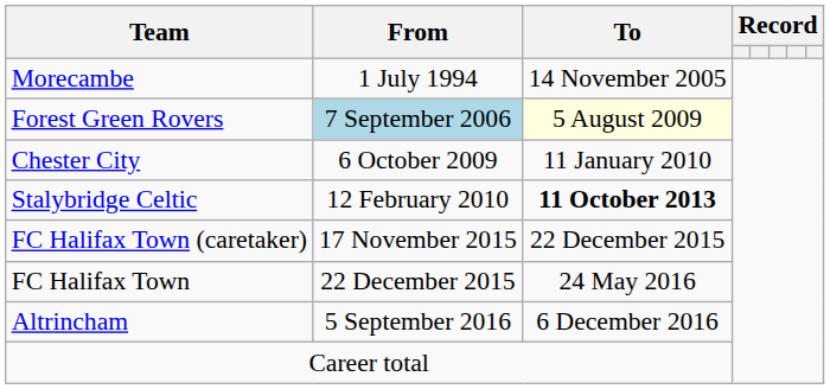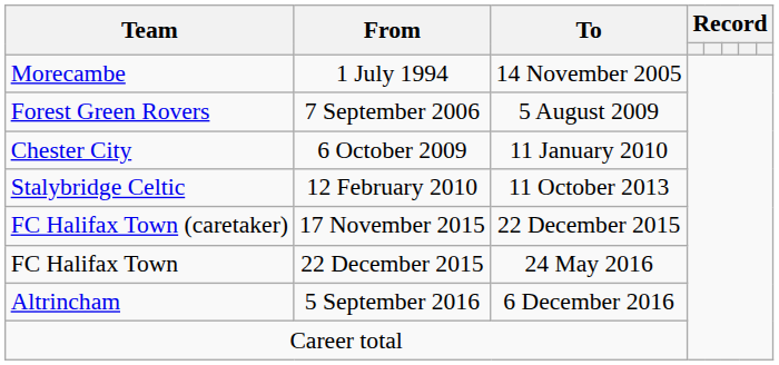 <table class="wikitable" style="text-align: center">
 <tr>
 <th rowspan="2">Team</th>
 <th rowspan="2">From</th>
 <th rowspan="2">To</th>
 <th colspan="8">Record</th>
 </tr>
 <tr>
 <th></th>
 <th></th>
 <th></th>
 <th></th>
 <th></th>
 </tr>
 <tr>
 <td align="left"><a href='#'>Morecambe</a></td>
 <td>1 July 1994</td>
 <td>14 November 2005<br></td>
 </tr>
 <tr>
 <td align="left"><a href='#'>Forest Green Rovers</a></td>
-<td style="background: lightblue;">7 September 2006</td>
-<td style="background: lightyellow;">5 August 2009<br></td>
+<td>7 September 2006</td>
+<td>5 August 2009<br></td>
 </tr>
 <tr>
 <td align="left"><a href='#'>Chester City</a></td>
 <td>6 October 2009</td>
 <td>11 January 2010<br></td>
 </tr>
 <tr>
 <td align="left"><a href='#'>Stalybridge Celtic</a></td>
 <td>12 February 2010</td>
-<td><strong>11 October 2013<br></strong></td>
+<td>11 October 2013<br></td>
 </tr>
 <tr>
 <td align="left"><a href='#'>FC Halifax Town</a> (caretaker)</td>
 <td>17 November 2015</td>
 <td>22 December 2015<br></td>
 </tr>
 <tr>
 <td align="left">FC Halifax Town</td>
 <td>22 December 2015</td>
 <td>24 May 2016<br></td>
 </tr>
 <tr>
 <td align="left"><a href='#'>Altrincham</a></td>
 <td>5 September 2016</td>
 <td>6 December 2016<br></td>
 </tr>
 <tr>
 <td colspan=3>Career total<br></td>
 </tr>
 </table>
